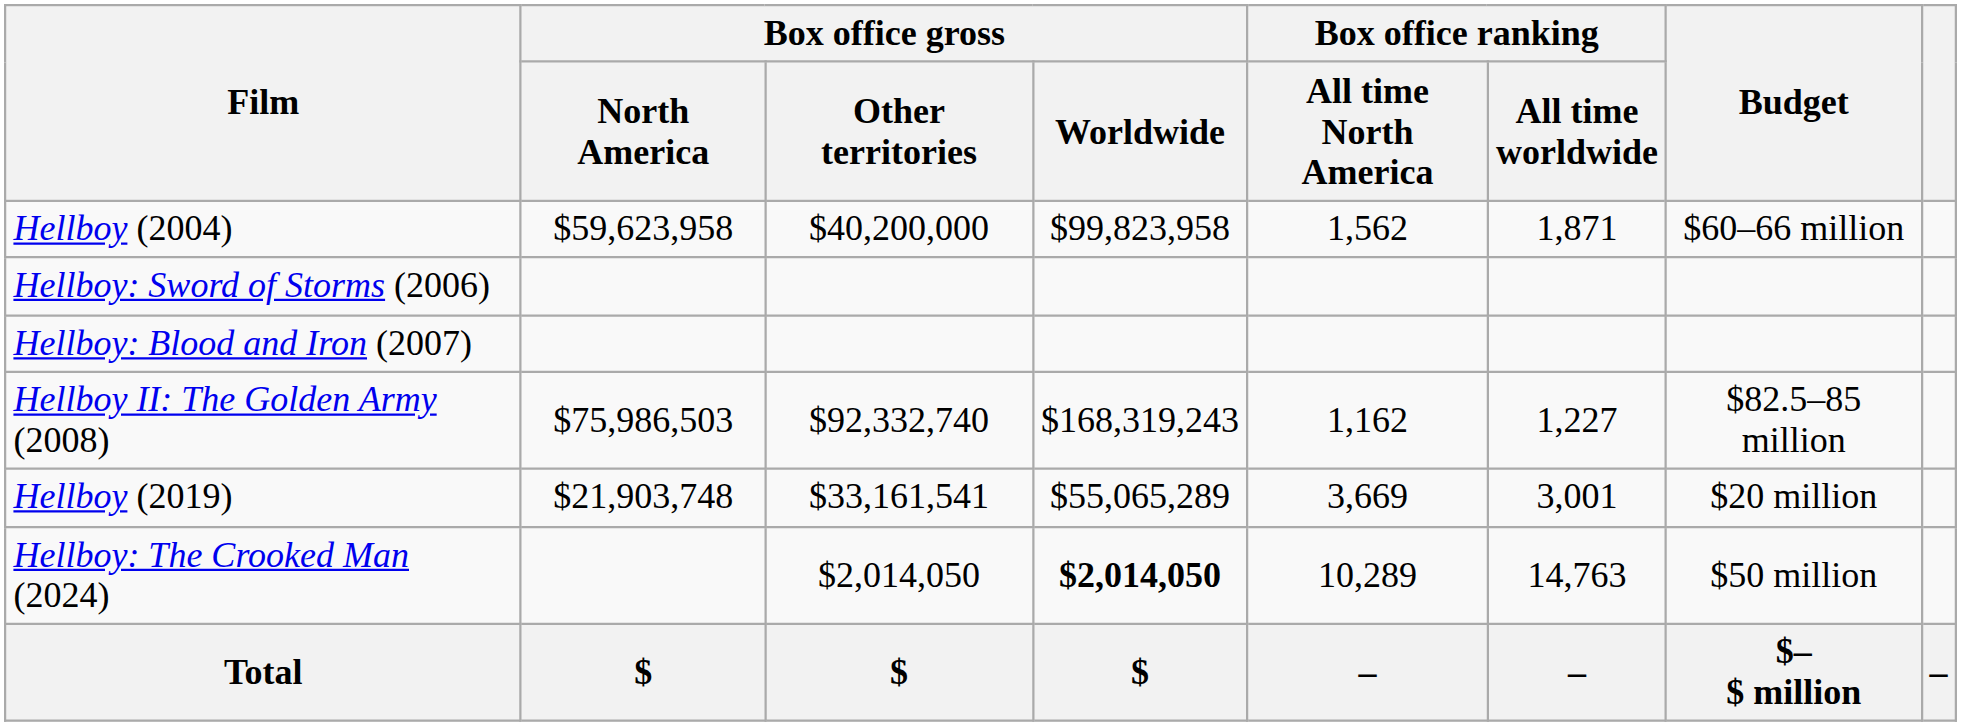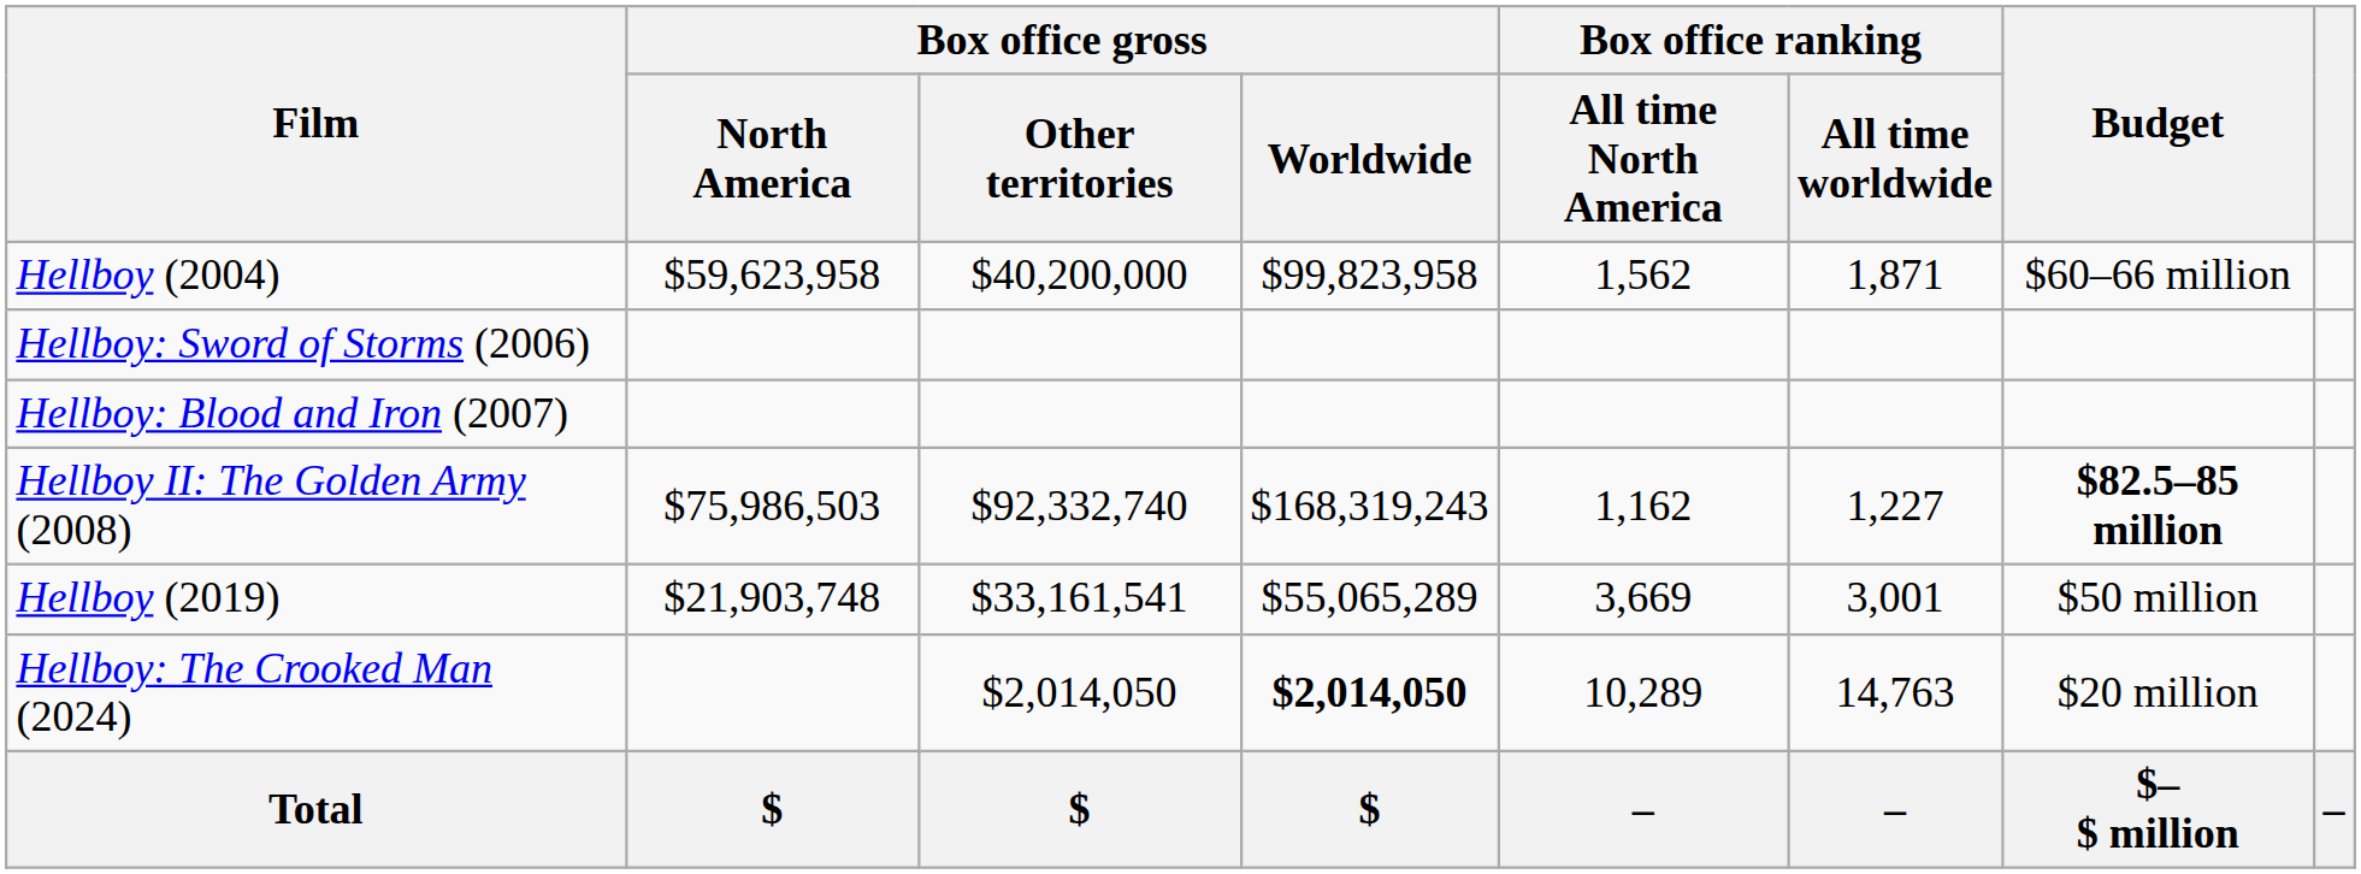 <table class="wikitable sortable" style="text-align: center;">
 <tr>
 <th rowspan="2">Film</th>
 <th colspan="3">Box office gross</th>
 <th colspan="2">Box office ranking</th>
 <th rowspan="2">Budget</th>
 <th rowspan="2"></th>
 </tr>
 <tr>
 <th>North America</th>
 <th>Other territories</th>
 <th>Worldwide</th>
 <th>All time <br>North America</th>
 <th>All time <br>worldwide</th>
 </tr>
 <tr>
 <td style="text-align: left;"><em><a href='#'>Hellboy</a></em> (2004)</td>
 <td>$59,623,958</td>
 <td>$40,200,000</td>
 <td>$99,823,958</td>
 <td>1,562</td>
 <td>1,871</td>
 <td>$60–66 million</td>
 <td></td>
 </tr>
 <tr>
 <td style="text-align: left;"><em><a href='#'>Hellboy: Sword of Storms</a></em> (2006)</td>
 <td></td>
 <td></td>
 <td></td>
 <td></td>
 <td></td>
 <td></td>
 <td></td>
 </tr>
 <tr>
 <td style="text-align: left;"><em><a href='#'>Hellboy: Blood and Iron</a></em> (2007)</td>
 <td></td>
 <td></td>
 <td></td>
 <td></td>
 <td></td>
 <td></td>
 <td></td>
 </tr>
 <tr>
 <td style="text-align: left;"><em><a href='#'>Hellboy II: The Golden Army</a></em> (2008)</td>
 <td>$75,986,503</td>
 <td>$92,332,740</td>
 <td>$168,319,243</td>
 <td>1,162</td>
 <td>1,227</td>
-<td>$82.5–85 million</td>
+<td><strong>$82.5–85 million</strong></td>
 <td></td>
 </tr>
 <tr>
 <td style="text-align: left;"><em><a href='#'>Hellboy</a></em> (2019)</td>
 <td>$21,903,748</td>
 <td>$33,161,541</td>
 <td>$55,065,289</td>
 <td>3,669</td>
 <td>3,001</td>
-<td>$20 million</td>
+<td>$50 million</td>
 <td></td>
 </tr>
 <tr>
 <td style="text-align: left;"><em><a href='#'>Hellboy: The Crooked Man</a></em> (2024)</td>
 <td></td>
 <td>$2,014,050</td>
 <td><strong>$2,014,050</strong></td>
 <td>10,289</td>
 <td>14,763</td>
-<td>$50 million</td>
+<td>$20 million</td>
 <td></td>
 </tr>
 <tr>
 <th scope="col" class=sortable>Total</th>
 <th>$</th>
 <th>$</th>
 <th>$</th>
 <th>–</th>
 <th>–</th>
 <th>$–<br>$ million</th>
 <th>–</th>
 </tr>
 </table>
